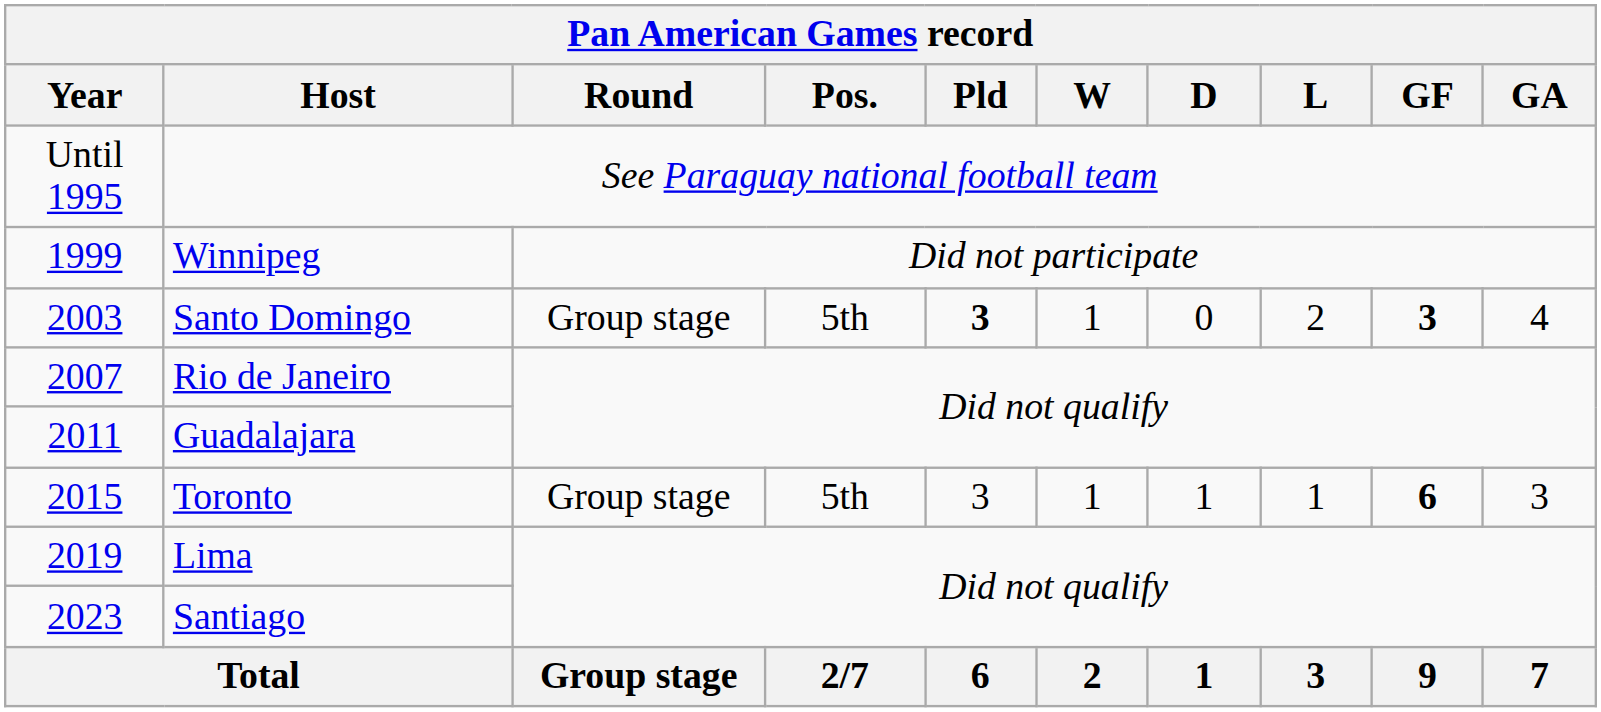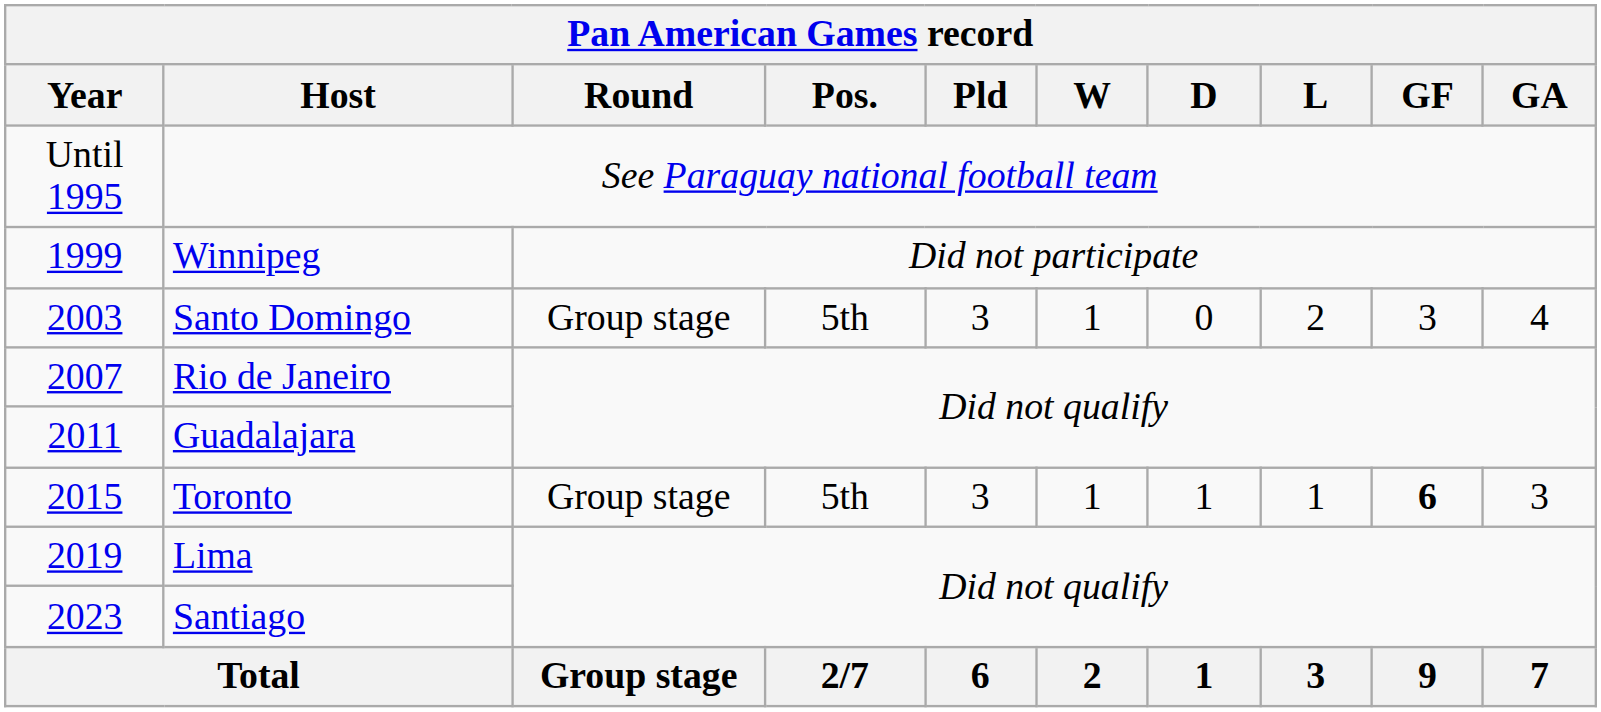 <table class="wikitable" style="text-align: center">
 <tr>
 <th colspan=10><a href='#'>Pan American Games</a> record</th>
 </tr>
 <tr>
 <th width=60px>Year</th>
 <th width=140px>Host</th>
 <th width=100px>Round</th>
 <th width=60px>Pos.</th>
 <th width=40px>Pld</th>
 <th width=40px>W</th>
 <th width=40px>D</th>
 <th width=40px>L</th>
 <th width=40px>GF</th>
 <th width=40px>GA</th>
 </tr>
 <tr>
 <td>Until <a href='#'>1995</a></td>
 <td colspan=9><em>See <a href='#'>Paraguay national football team</a></em></td>
 </tr>
 <tr>
 <td><a href='#'>1999</a></td>
 <td align=left> <a href='#'>Winnipeg</a></td>
 <td colspan=8><em>Did not participate</em></td>
 </tr>
 <tr>
 <td><a href='#'>2003</a></td>
 <td align=left> <a href='#'>Santo Domingo</a></td>
 <td>Group stage</td>
 <td>5th</td>
-<td><strong>3</strong></td>
+<td>3</td>
 <td>1</td>
 <td>0</td>
 <td>2</td>
-<td><strong>3</strong></td>
+<td>3</td>
 <td>4</td>
 </tr>
 <tr>
 <td><a href='#'>2007</a></td>
 <td align=left> <a href='#'>Rio de Janeiro</a></td>
 <td colspan=8 rowspan=2><em>Did not qualify</em></td>
 </tr>
 <tr>
 <td><a href='#'>2011</a></td>
 <td align=left> <a href='#'>Guadalajara</a></td>
 </tr>
 <tr>
 <td><a href='#'>2015</a></td>
 <td align=left> <a href='#'>Toronto</a></td>
 <td>Group stage</td>
 <td>5th</td>
 <td>3</td>
 <td>1</td>
 <td>1</td>
 <td>1</td>
 <td><strong>6</strong></td>
 <td>3</td>
 </tr>
 <tr>
 <td><a href='#'>2019</a></td>
 <td align=left> <a href='#'>Lima</a></td>
 <td colspan=8 rowspan=2><em>Did not qualify</em></td>
 </tr>
 <tr>
 <td><a href='#'>2023</a></td>
 <td align=left> <a href='#'>Santiago</a></td>
 </tr>
 <tr>
 <th colspan=2>Total</th>
 <th>Group stage</th>
 <th>2/7</th>
 <th>6</th>
 <th>2</th>
 <th>1</th>
 <th>3</th>
 <th>9</th>
 <th>7</th>
 </tr>
 </table>
